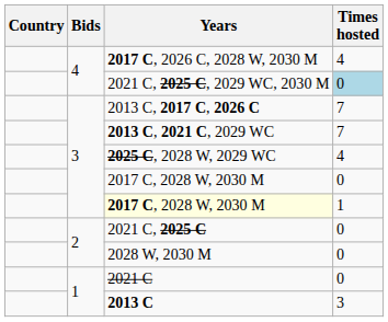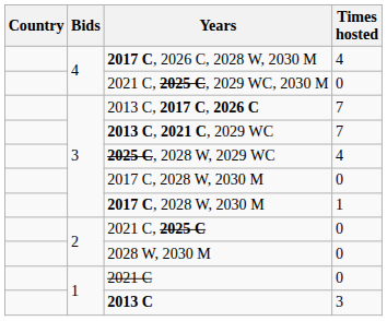 <table class="wikitable sortable">
 <tr>
 <th>Country</th>
 <th>Bids</th>
 <th>Years</th>
 <th>Times <br> hosted</th>
 </tr>
 <tr>
 <td></td>
 <td rowspan=2>4</td>
 <td><strong>2017 C</strong>, 2026 C, 2028 W, 2030 M</td>
 <td>4</td>
 </tr>
 <tr>
 <td></td>
 <td>2021 C, <s><strong>2025 C</strong></s>, 2029 WC, 2030 M</td>
-<td style="background: lightblue;">0</td>
+<td>0</td>
 </tr>
 <tr>
 <td></td>
 <td rowspan=5>3</td>
 <td>2013 C, <strong>2017 C</strong>, <strong>2026 C</strong></td>
 <td>7</td>
 </tr>
 <tr>
 <td></td>
 <td><strong>2013 C</strong>, <strong>2021 C</strong>, 2029 WC</td>
 <td>7</td>
 </tr>
 <tr>
 <td></td>
 <td><s><strong>2025 C</strong></s>, 2028 W, 2029 WC</td>
 <td>4</td>
 </tr>
 <tr>
 <td></td>
 <td>2017 C, 2028 W, 2030 M</td>
 <td>0</td>
 </tr>
 <tr>
 <td></td>
-<td style="background: lightyellow;"><strong>2017 C</strong>, 2028 W, 2030 M</td>
+<td><strong>2017 C</strong>, 2028 W, 2030 M</td>
 <td>1</td>
 </tr>
 <tr>
 <td></td>
 <td rowspan=2>2</td>
 <td>2021 C, <s><strong>2025 C</strong></s></td>
 <td>0</td>
 </tr>
 <tr>
 <td></td>
 <td>2028 W, 2030 M</td>
 <td>0</td>
 </tr>
 <tr>
 <td></td>
 <td rowspan=2>1</td>
 <td><s>2021 C</s></td>
 <td>0</td>
 </tr>
 <tr>
 <td></td>
 <td><strong>2013 C</strong></td>
 <td>3</td>
 </tr>
 </table>
